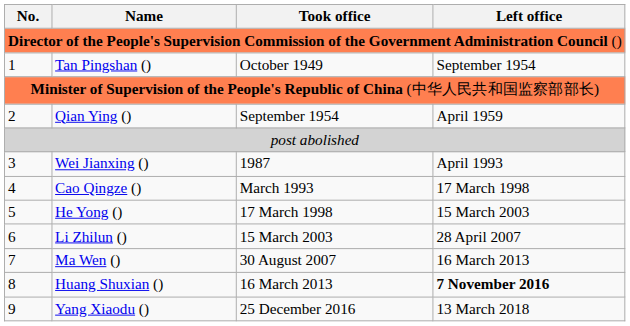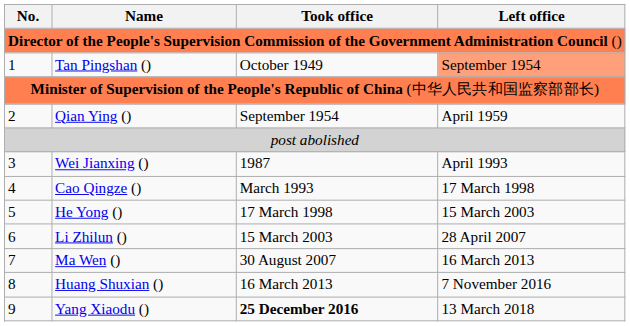 <table class="wikitable">
 <tr>
 <th>No.</th>
 <th>Name</th>
 <th>Took office</th>
 <th>Left office</th>
 </tr>
 <tr>
 <td colspan="4" align="center" bgcolor="coral"><strong>Director of the People's Supervision Commission of the Government Administration Council</strong> ()</td>
 </tr>
 <tr>
 <td>1</td>
 <td><a href='#'>Tan Pingshan</a> ()</td>
 <td>October 1949</td>
-<td>September 1954</td>
+<td style="background: lightsalmon;">September 1954</td>
 </tr>
 <tr>
 <td colspan="4" align="center" bgcolor="coral"><strong>Minister of Supervision of the People's Republic of China</strong>  (中华人民共和国监察部部长)</td>
 </tr>
 <tr>
 <td>2</td>
 <td><a href='#'>Qian Ying</a> ()</td>
 <td>September 1954</td>
 <td>April 1959</td>
 </tr>
 <tr>
 <td colspan="4" align="center" bgcolor="lightgrey"><em>post abolished</em></td>
 </tr>
 <tr>
 <td>3</td>
 <td><a href='#'>Wei Jianxing</a> ()</td>
 <td>1987</td>
 <td>April 1993</td>
 </tr>
 <tr>
 <td>4</td>
 <td><a href='#'>Cao Qingze</a> ()</td>
 <td>March 1993</td>
 <td>17 March 1998</td>
 </tr>
 <tr>
 <td>5</td>
 <td><a href='#'>He Yong</a> ()</td>
 <td>17 March 1998</td>
 <td>15 March 2003</td>
 </tr>
 <tr>
 <td>6</td>
 <td><a href='#'>Li Zhilun</a> ()</td>
 <td>15 March 2003</td>
 <td>28 April 2007</td>
 </tr>
 <tr>
 <td>7</td>
 <td><a href='#'>Ma Wen</a> ()</td>
 <td>30 August 2007</td>
 <td>16 March 2013</td>
 </tr>
 <tr>
 <td>8</td>
 <td><a href='#'>Huang Shuxian</a> ()</td>
 <td>16 March 2013</td>
-<td><strong>7 November 2016</strong></td>
+<td>7 November 2016</td>
 </tr>
 <tr>
 <td>9</td>
 <td><a href='#'>Yang Xiaodu</a> ()</td>
-<td>25 December 2016</td>
+<td><strong>25 December 2016</strong></td>
 <td>13 March 2018</td>
 </tr>
 </table>
